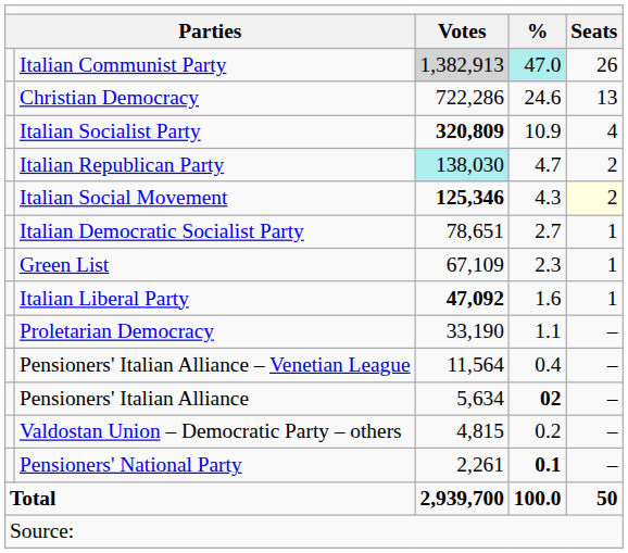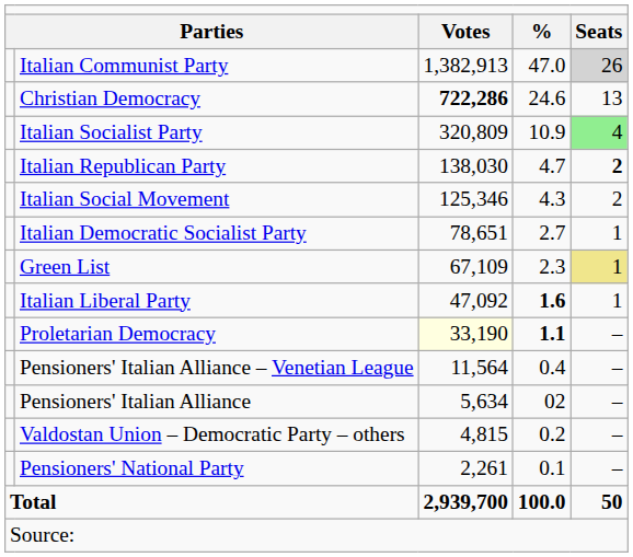 <table class="wikitable" style="font-size:100%">
 <tr>
 <td colspan=5></td>
 </tr>
 <tr bgcolor="EFEFEF">
 <th colspan=2>Parties</th>
 <th>Votes</th>
 <th>%</th>
 <th>Seats</th>
 </tr>
 <tr>
 <td></td>
 <td><a href='#'>Italian Communist Party</a></td>
-<td align=right style="background: lightgrey;">1,382,913</td>
-<td align=right style="background: paleturquoise;">47.0</td>
-<td align=right>26</td>
+<td align=right>1,382,913</td>
+<td align=right>47.0</td>
+<td align=right style="background: lightgrey;">26</td>
 </tr>
 <tr>
 <td></td>
 <td><a href='#'>Christian Democracy</a></td>
-<td align=right>722,286</td>
+<td align=right><strong>722,286</strong></td>
 <td align=right>24.6</td>
 <td align=right>13</td>
 </tr>
 <tr>
 <td></td>
 <td><a href='#'>Italian Socialist Party</a></td>
-<td align=right><strong>320,809</strong></td>
+<td align=right>320,809</td>
 <td align=right>10.9</td>
-<td align=right>4</td>
+<td align=right style="background: lightgreen;">4</td>
 </tr>
 <tr>
 <td></td>
 <td><a href='#'>Italian Republican Party</a></td>
-<td align=right style="background: paleturquoise;">138,030</td>
+<td align=right>138,030</td>
 <td align=right>4.7</td>
-<td align=right>2</td>
+<td align=right><strong>2</strong></td>
 </tr>
 <tr>
 <td></td>
 <td><a href='#'>Italian Social Movement</a></td>
-<td align=right><strong>125,346</strong></td>
+<td align=right>125,346</td>
 <td align=right>4.3</td>
-<td align=right style="background: lightyellow;">2</td>
+<td align=right>2</td>
 </tr>
 <tr>
 <td></td>
 <td><a href='#'>Italian Democratic Socialist Party</a></td>
 <td align=right>78,651</td>
 <td align=right>2.7</td>
 <td align=right>1</td>
 </tr>
 <tr>
 <td></td>
 <td><a href='#'>Green List</a></td>
 <td align=right>67,109</td>
 <td align=right>2.3</td>
-<td align=right>1</td>
+<td align=right style="background: khaki;">1</td>
 </tr>
 <tr>
 <td></td>
 <td><a href='#'>Italian Liberal Party</a></td>
-<td align=right><strong>47,092</strong></td>
-<td align=right>1.6</td>
+<td align=right>47,092</td>
+<td align=right><strong>1.6</strong></td>
 <td align=right>1</td>
 </tr>
 <tr>
 <td></td>
 <td><a href='#'>Proletarian Democracy</a></td>
-<td align=right>33,190</td>
-<td align=right>1.1</td>
+<td align=right style="background: lightyellow;">33,190</td>
+<td align=right><strong>1.1</strong></td>
 <td align=right>–</td>
 </tr>
 <tr>
 <td></td>
 <td>Pensioners' Italian Alliance – <a href='#'>Venetian League</a></td>
 <td align=right>11,564</td>
 <td align=right>0.4</td>
 <td align=right>–</td>
 </tr>
 <tr>
 <td></td>
 <td>Pensioners' Italian Alliance</td>
 <td align=right>5,634</td>
-<td align=right><strong>02</strong></td>
+<td align=right>02</td>
 <td align=right>–</td>
 </tr>
 <tr>
 <td></td>
 <td><a href='#'>Valdostan Union</a> – Democratic Party – others</td>
 <td align=right>4,815</td>
 <td align=right>0.2</td>
 <td align=right>–</td>
 </tr>
 <tr>
 <td></td>
 <td><a href='#'>Pensioners' National Party</a></td>
 <td align=right>2,261</td>
-<td align=right><strong>0.1</strong></td>
+<td align=right>0.1</td>
 <td align=right>–</td>
 </tr>
 <tr>
 <td colspan=2><strong>Total</strong></td>
 <td align=right><strong>2,939,700</strong></td>
 <td align=right><strong>100.0</strong></td>
 <td align=right><strong>50</strong></td>
 </tr>
 <tr>
 <td colspan=5>Source: </td>
 </tr>
 </table>
